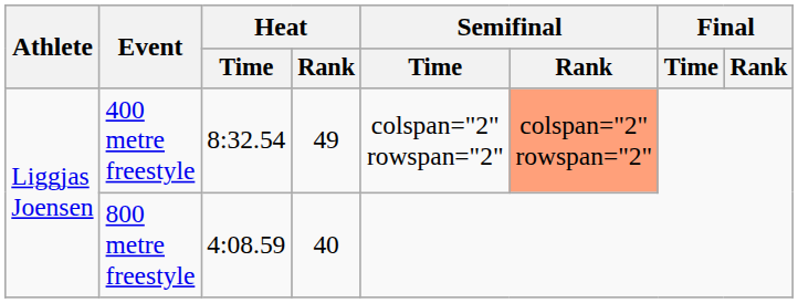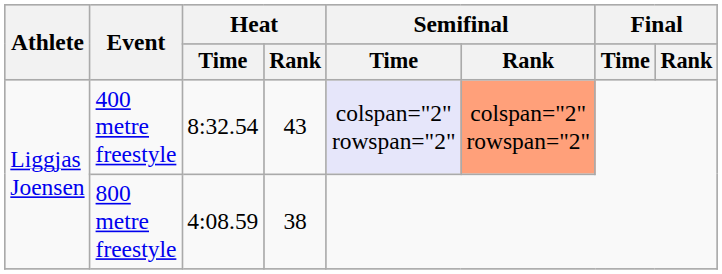 <table class="wikitable" style="text-align:center; font-size:90%; width:50%;">
 <tr>
 <th rowspan="2">Athlete</th>
 <th rowspan="2">Event</th>
 <th colspan="2">Heat</th>
 <th colspan="2">Semifinal</th>
 <th colspan="2">Final</th>
 </tr>
 <tr style="font-size:95%">
 <th>Time</th>
 <th>Rank</th>
 <th>Time</th>
 <th>Rank</th>
 <th>Time</th>
 <th>Rank</th>
 </tr>
 <tr align=center>
 <td align=left rowspan="2"><a href='#'>Liggjas Joensen</a></td>
 <td align=left><a href='#'>400 metre freestyle</a></td>
 <td>8:32.54</td>
-<td>49</td>
-<td>colspan="2" rowspan="2" </td>
+<td>43</td>
+<td style="background: lavender;">colspan="2" rowspan="2" </td>
 <td style="background: lightsalmon;">colspan="2" rowspan="2" </td>
 </tr>
 <tr align=center>
 <td align=left><a href='#'>800 metre freestyle</a></td>
 <td>4:08.59</td>
-<td>40</td>
+<td>38</td>
 </tr>
 </table>
